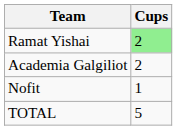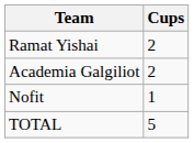 <table class="wikitable">
 <tr>
 <th>Team</th>
 <th>Cups</th>
 </tr>
 <tr>
 <td>Ramat Yishai</td>
-<td style="background: lightgreen;">2</td>
+<td>2</td>
 </tr>
 <tr>
 <td>Academia Galgiliot</td>
 <td>2</td>
 </tr>
 <tr>
 <td>Nofit</td>
 <td>1</td>
 </tr>
 <tr>
 <td>TOTAL</td>
 <td>5</td>
 </tr>
 </table>
